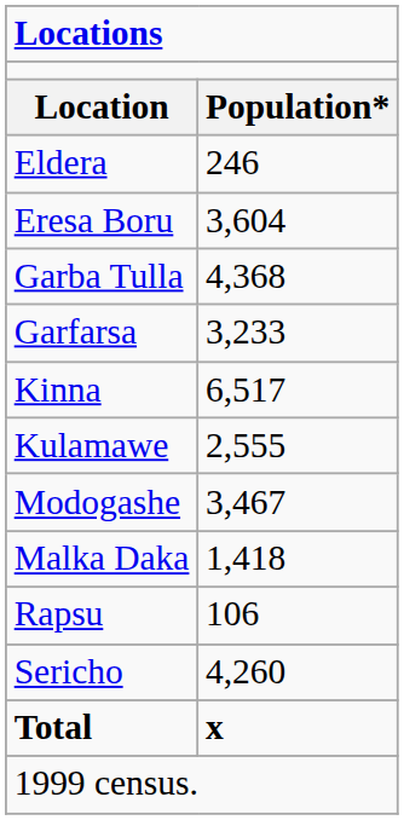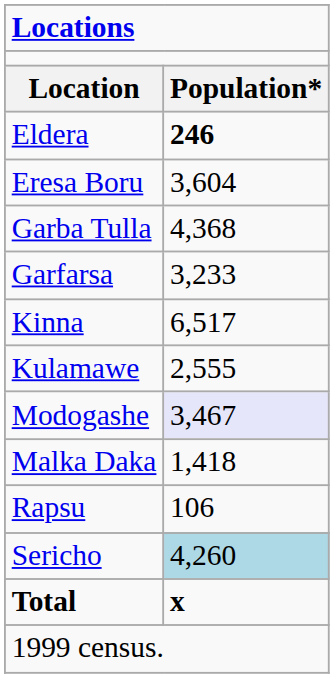 <table class="wikitable">
 <tr>
 <td colspan="2"><strong><a href='#'>Locations</a></strong></td>
 </tr>
 <tr>
 <td colspan="2"></td>
 </tr>
 <tr>
 <th>Location</th>
 <th>Population*</th>
 </tr>
 <tr>
 <td><a href='#'>Eldera</a></td>
-<td>246</td>
+<td><strong>246</strong></td>
 </tr>
 <tr>
 <td><a href='#'>Eresa Boru</a></td>
 <td>3,604</td>
 </tr>
 <tr>
 <td><a href='#'>Garba Tulla</a></td>
 <td>4,368</td>
 </tr>
 <tr>
 <td><a href='#'>Garfarsa</a></td>
 <td>3,233</td>
 </tr>
 <tr>
 <td><a href='#'>Kinna</a></td>
 <td>6,517</td>
 </tr>
 <tr>
 <td><a href='#'>Kulamawe</a></td>
 <td>2,555</td>
 </tr>
 <tr>
 <td><a href='#'>Modogashe</a></td>
-<td>3,467</td>
+<td style="background: lavender;">3,467</td>
 </tr>
 <tr>
 <td><a href='#'>Malka Daka</a></td>
 <td>1,418</td>
 </tr>
 <tr>
 <td><a href='#'>Rapsu</a></td>
 <td>106</td>
 </tr>
 <tr>
 <td><a href='#'>Sericho</a></td>
-<td>4,260</td>
+<td style="background: lightblue;">4,260</td>
 </tr>
 <tr>
 <td><strong>Total</strong></td>
 <td><strong>x</strong></td>
 </tr>
 <tr>
 <td colspan="2">1999 census.</td>
 </tr>
 </table>
